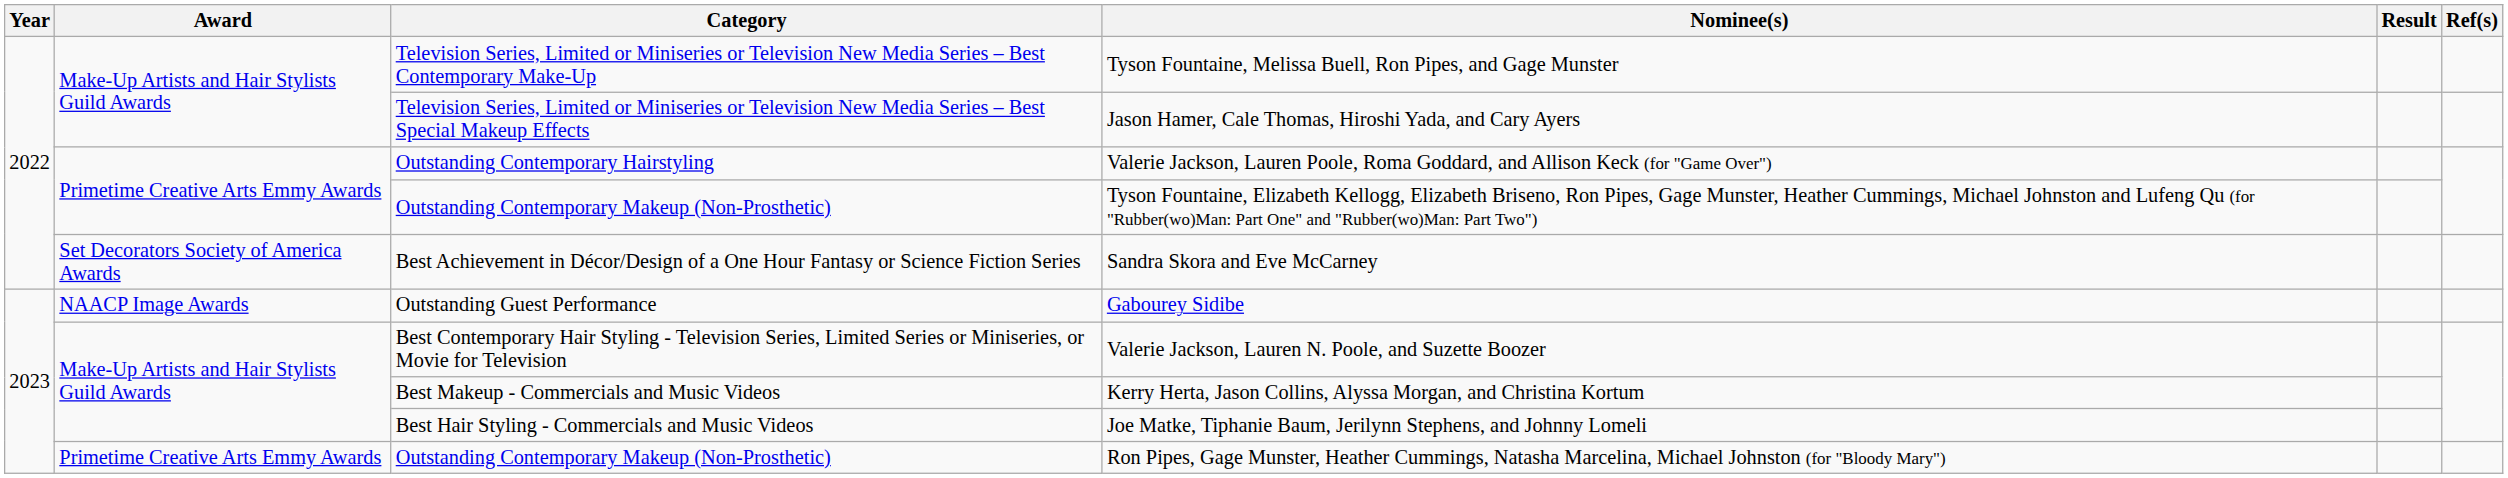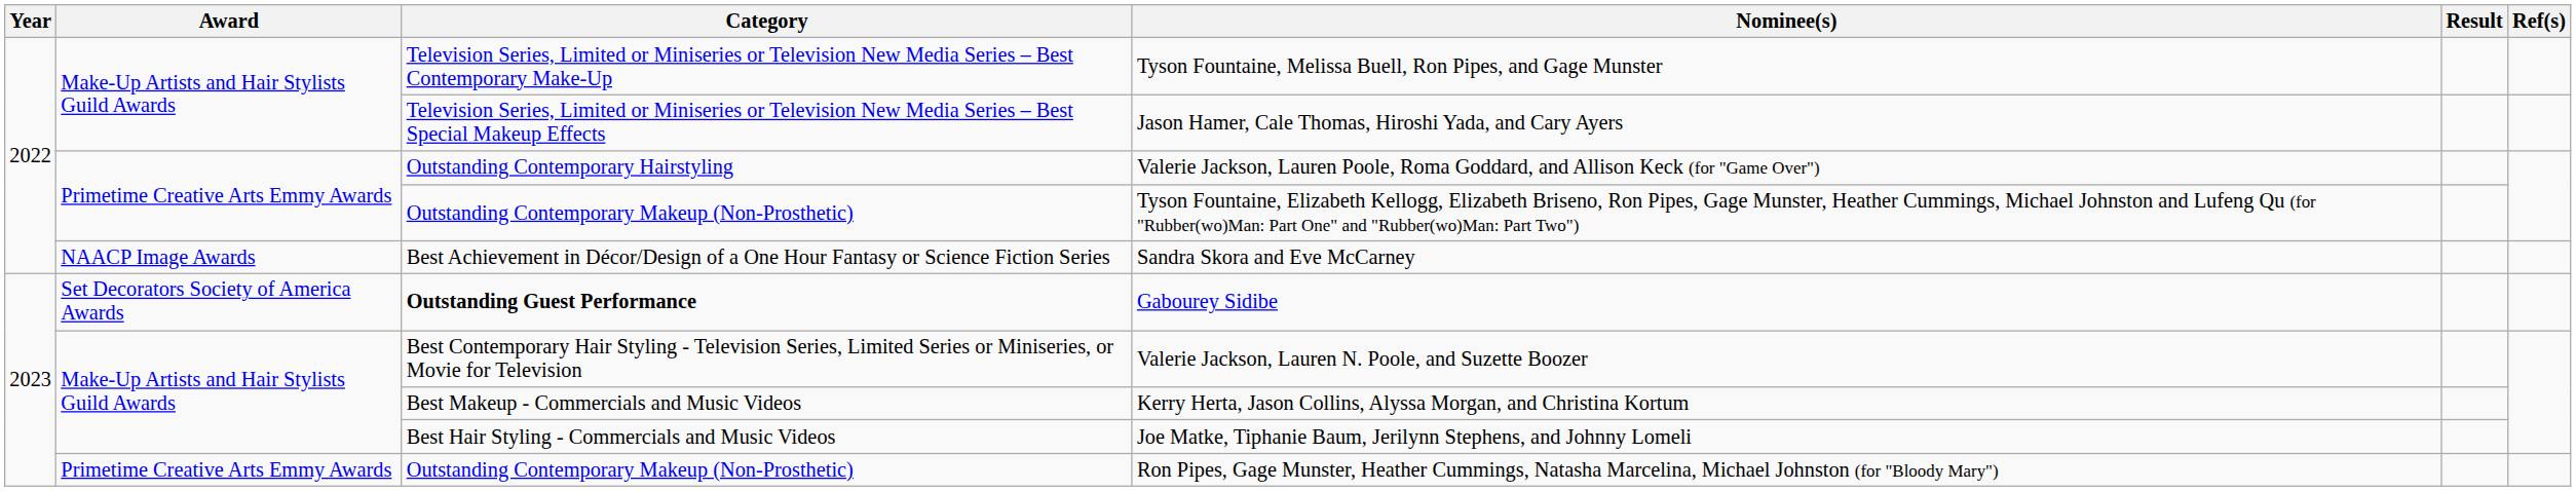 <table class="wikitable">
 <tr>
 <th>Year</th>
 <th>Award</th>
 <th>Category</th>
 <th>Nominee(s)</th>
 <th>Result</th>
 <th>Ref(s)</th>
 </tr>
 <tr>
 <td rowspan="5">2022</td>
 <td rowspan="2"><a href='#'>Make-Up Artists and Hair Stylists Guild Awards</a></td>
 <td><a href='#'>Television Series, Limited or Miniseries or Television New Media Series – Best Contemporary Make-Up</a></td>
 <td>Tyson Fountaine, Melissa Buell, Ron Pipes, and Gage Munster</td>
 <td></td>
 <td align="center"></td>
 </tr>
 <tr>
 <td><a href='#'>Television Series, Limited or Miniseries or Television New Media Series – Best Special Makeup Effects</a></td>
 <td>Jason Hamer, Cale Thomas, Hiroshi Yada, and Cary Ayers</td>
 <td></td>
 <td></td>
 </tr>
 <tr>
 <td rowspan="2"><a href='#'>Primetime Creative Arts Emmy Awards</a></td>
 <td><a href='#'>Outstanding Contemporary Hairstyling</a></td>
 <td>Valerie Jackson, Lauren Poole, Roma Goddard, and Allison Keck <small>(for "Game Over")</small></td>
 <td></td>
 <td rowspan="2" align="center"></td>
 </tr>
 <tr>
 <td><a href='#'>Outstanding Contemporary Makeup (Non-Prosthetic)</a></td>
 <td>Tyson Fountaine, Elizabeth Kellogg, Elizabeth Briseno, Ron Pipes, Gage Munster, Heather Cummings, Michael Johnston and Lufeng Qu <small>(for "Rubber(wo)Man: Part One" and "Rubber(wo)Man: Part Two")</small></td>
 <td></td>
 </tr>
 <tr>
-<td><a href='#'>Set Decorators Society of America Awards</a></td>
+<td><a href='#'>NAACP Image Awards</a></td>
 <td>Best Achievement in Décor/Design of a One Hour Fantasy or Science Fiction Series</td>
 <td>Sandra Skora and Eve McCarney</td>
 <td></td>
 <td align="center"></td>
 </tr>
 <tr>
 <td rowspan="5">2023</td>
-<td><a href='#'>NAACP Image Awards</a></td>
-<td>Outstanding Guest Performance</td>
+<td><a href='#'>Set Decorators Society of America Awards</a></td>
+<td><strong>Outstanding Guest Performance</strong></td>
 <td><a href='#'>Gabourey Sidibe</a></td>
 <td></td>
 <td style="text-align:center;"></td>
 </tr>
 <tr>
 <td rowspan="3"><a href='#'>Make-Up Artists and Hair Stylists Guild Awards</a></td>
 <td>Best Contemporary Hair Styling - Television Series, Limited Series or Miniseries, or Movie for Television</td>
 <td>Valerie Jackson, Lauren N. Poole, and Suzette Boozer</td>
 <td></td>
 <td rowspan="3"></td>
 </tr>
 <tr>
 <td>Best Makeup - Commercials and Music Videos</td>
 <td>Kerry Herta, Jason Collins, Alyssa Morgan, and Christina Kortum</td>
 <td></td>
 </tr>
 <tr>
 <td>Best Hair Styling - Commercials and Music Videos</td>
 <td>Joe Matke, Tiphanie Baum, Jerilynn Stephens, and Johnny Lomeli</td>
 <td></td>
 </tr>
 <tr>
 <td><a href='#'>Primetime Creative Arts Emmy Awards</a></td>
 <td><a href='#'>Outstanding Contemporary Makeup (Non-Prosthetic)</a></td>
 <td>Ron Pipes, Gage Munster, Heather Cummings, Natasha Marcelina, Michael Johnston <small>(for "Bloody Mary")</small></td>
 <td></td>
 <td style="text-align:center;"></td>
 </tr>
 </table>
